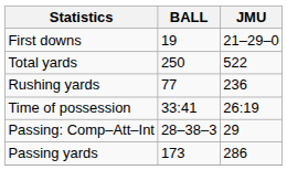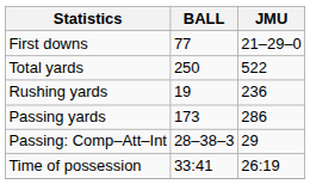 <table class="wikitable" style="float: left;">
 <tr>
 <th>Statistics</th>
 <th>BALL</th>
 <th>JMU</th>
 </tr>
 <tr>
 <td>First downs</td>
-<td>19</td>
+<td>77</td>
 <td>21–29–0</td>
 </tr>
 <tr>
 <td>Total yards</td>
 <td>250</td>
 <td>522</td>
 </tr>
 <tr>
 <td>Rushing yards</td>
-<td>77</td>
+<td>19</td>
 <td>236</td>
+</tr>
+<tr>
+<td>Passing yards</td>
+<td>173</td>
+<td>286</td>
+</tr>
+<tr>
+<td>Passing: Comp–Att–Int</td>
+<td>28–38–3</td>
+<td>29</td>
 </tr>
 <tr>
 <td>Time of possession</td>
 <td>33:41</td>
 <td>26:19</td>
 </tr>
 <tr>
-<td>Passing: Comp–Att–Int</td>
-<td>28–38–3</td>
-<td>29</td>
-</tr>
-<tr>
-<td>Passing yards</td>
-<td>173</td>
-<td>286</td>
-</tr>
-<tr>
 </tr>
 </table>
